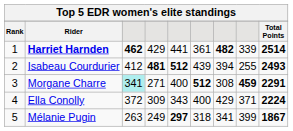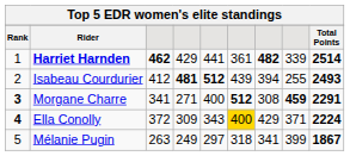 <table class="wikitable sortable">
 <tr>
 <th colspan=27 align="center"><strong>Top 5 EDR women's elite standings</strong></th>
 </tr>
 <tr>
 </tr>
 <tr style="font-size:8pt;font-weight:bold">
 <th align="center">Rank</th>
 <th align="center">Rider</th>
 <th class=unsortable style="background:#E5E4E2;"><small></small></th>
 <th class=unsortable style="background:#E5E4E2;"><small></small></th>
 <th class=unsortable style="background:#E5E4E2;"><small></small></th>
 <th class=unsortable style="background:#E5E4E2;"><small></small></th>
 <th class=unsortable style="background:#E5E4E2;"><small></small></th>
 <th class=unsortable style="background:#E5E4E2;"><small></small></th>
 <th align="center">Total<br>Points</th>
 </tr>
 <tr>
 <td align=center>1</td>
 <td> <strong><a href='#'>Harriet Harnden</a></strong></td>
 <td align=center><strong>462</strong></td>
 <td align=center>429</td>
 <td align=center>441</td>
 <td align=center>361</td>
 <td align=center><strong>482</strong></td>
 <td align=center>339</td>
 <td align=center><strong>2514</strong></td>
 </tr>
 <tr>
 <td align=center>2</td>
 <td> <a href='#'>Isabeau Courdurier</a></td>
 <td align=center>412</td>
 <td align=center><strong>481</strong></td>
 <td align=center><strong>512</strong></td>
 <td align=center>439</td>
 <td align=center>394</td>
 <td align=center>255</td>
 <td align=center><strong>2493</strong></td>
 </tr>
 <tr>
-<td align=center>3</td>
+<td align=center><strong>3</strong></td>
 <td> <a href='#'>Morgane Charre</a></td>
-<td align=center style="background: paleturquoise;">341</td>
+<td align=center>341</td>
 <td align=center>271</td>
 <td align=center>400</td>
 <td align=center><strong>512</strong></td>
 <td align=center>308</td>
 <td align=center><strong>459</strong></td>
 <td align=center><strong>2291</strong></td>
 </tr>
 <tr>
-<td align=center>4</td>
+<td align=center><strong>4</strong></td>
 <td> <a href='#'>Ella Conolly</a></td>
 <td align=center>372</td>
 <td align=center>309</td>
 <td align=center>343</td>
-<td align=center>400</td>
+<td align=center style="background: gold;">400</td>
 <td align=center>429</td>
 <td align=center>371</td>
 <td align=center><strong>2224</strong></td>
 </tr>
 <tr>
 <td align=center>5</td>
 <td> <a href='#'>Mélanie Pugin</a></td>
 <td align=center>263</td>
 <td align=center>249</td>
-<td align=center><strong>297</strong></td>
+<td align=center>297</td>
 <td align=center>318</td>
 <td align=center>341</td>
 <td align=center>399</td>
 <td align=center><strong>1867</strong></td>
 </tr>
 </table>
